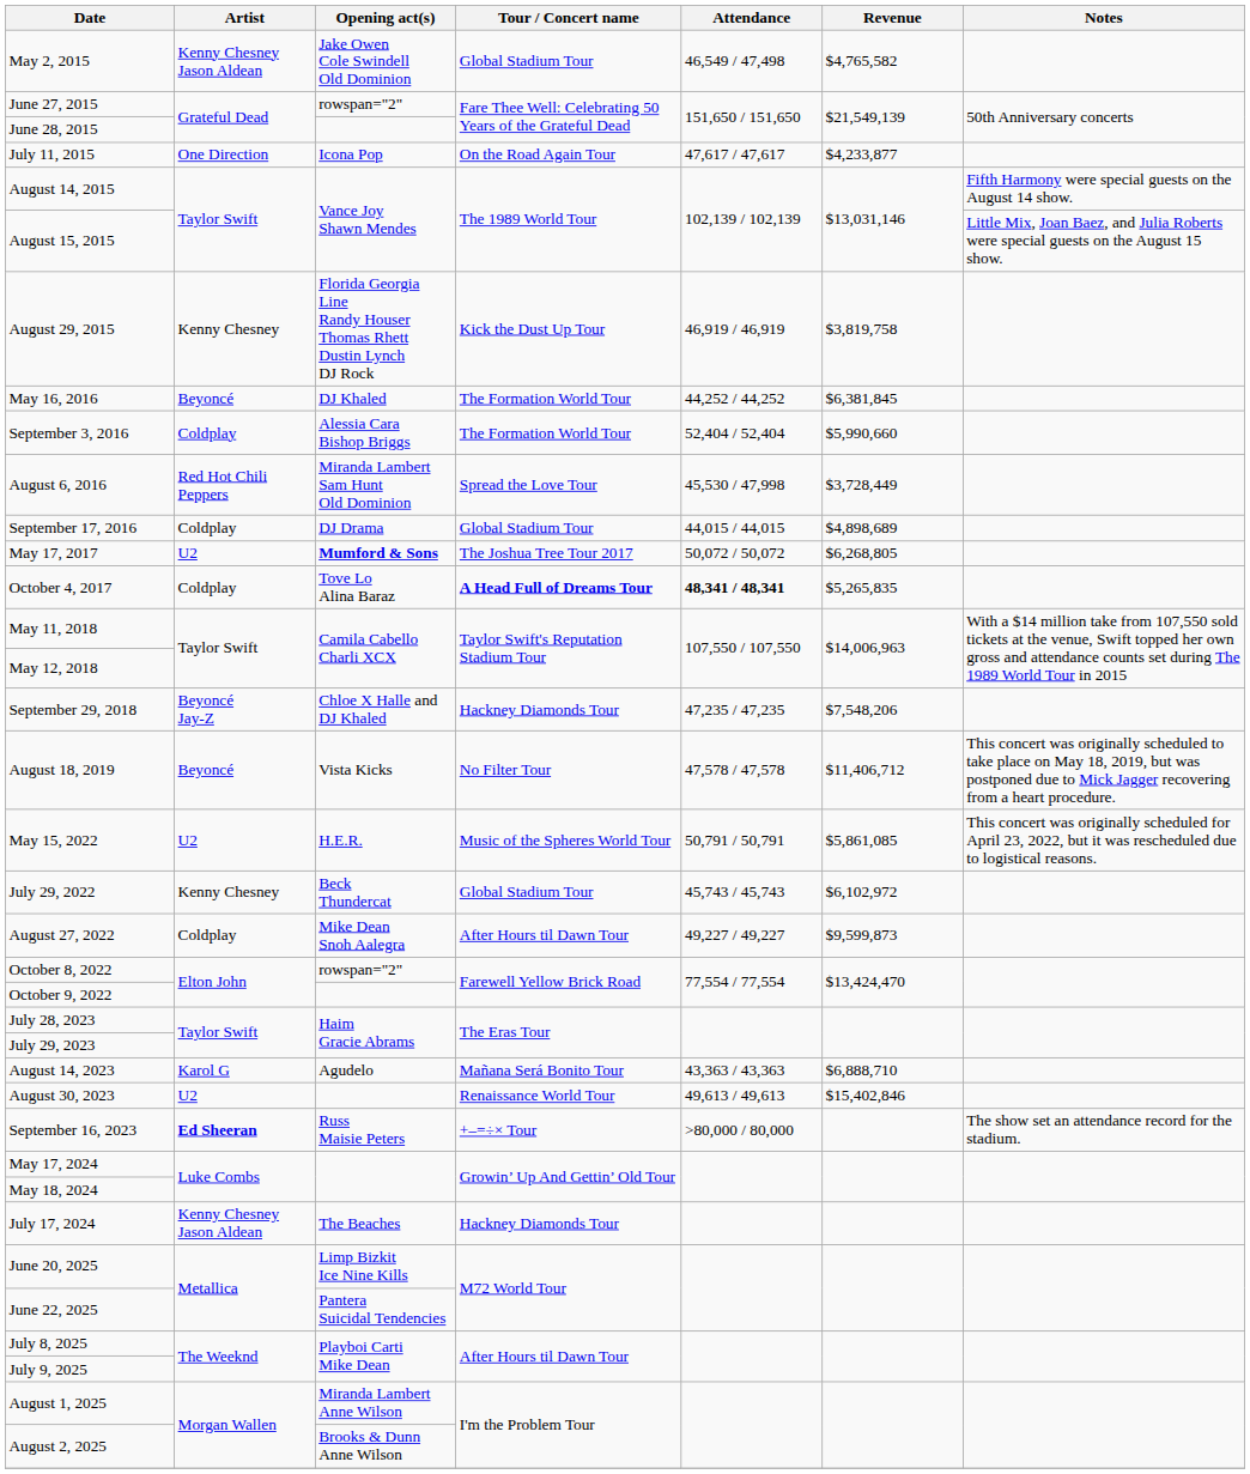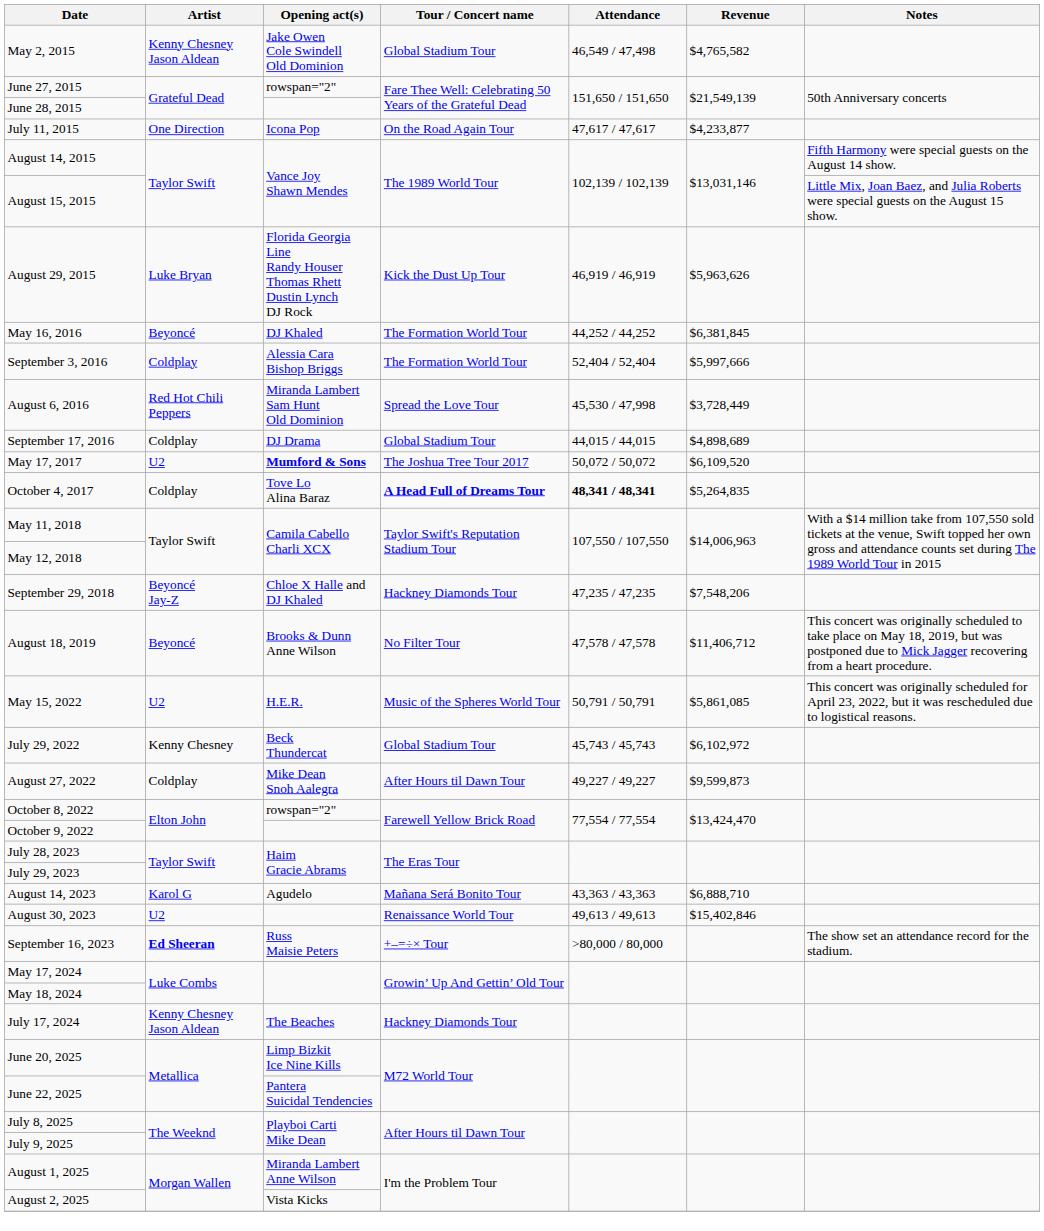 <table class="wikitable" style=font-size:100% style="text-align:center">
 <tr>
 <th width=12% style="text-align:center;">Date</th>
 <th width=10% style="text-align:center;">Artist</th>
 <th width=10% style="text-align:center;">Opening act(s)</th>
 <th width=16% style="text-align:center;">Tour / Concert name</th>
 <th width=10% style="text-align:center;">Attendance</th>
 <th width=10% style="text-align:center;">Revenue</th>
 <th width=20% style="text-align:center;">Notes</th>
 </tr>
 <tr>
 <td>May 2, 2015</td>
 <td><a href='#'>Kenny Chesney</a><br><a href='#'>Jason Aldean</a></td>
 <td><a href='#'>Jake Owen</a><br><a href='#'>Cole Swindell</a><br><a href='#'>Old Dominion</a></td>
 <td><a href='#'>Global Stadium Tour</a></td>
 <td>46,549 / 47,498</td>
 <td>$4,765,582</td>
 <td></td>
 </tr>
 <tr>
 <td>June 27, 2015</td>
 <td rowspan="2"><a href='#'>Grateful Dead</a></td>
 <td>rowspan="2" </td>
 <td rowspan="2"><a href='#'>Fare Thee Well: Celebrating 50 Years of the Grateful Dead</a></td>
 <td rowspan="2">151,650 / 151,650</td>
 <td rowspan="2">$21,549,139</td>
 <td rowspan="2">50th Anniversary concerts</td>
 </tr>
 <tr>
 <td>June 28, 2015</td>
 </tr>
 <tr>
 <td>July 11, 2015</td>
 <td><a href='#'>One Direction</a></td>
 <td><a href='#'>Icona Pop</a></td>
 <td><a href='#'>On the Road Again Tour</a></td>
 <td>47,617 / 47,617</td>
 <td>$4,233,877</td>
 <td></td>
 </tr>
 <tr>
 <td>August 14, 2015</td>
 <td rowspan="2"><a href='#'>Taylor Swift</a></td>
 <td rowspan="2"><a href='#'>Vance Joy</a><br><a href='#'>Shawn Mendes</a></td>
 <td rowspan="2"><a href='#'>The 1989 World Tour</a></td>
 <td rowspan="2">102,139 / 102,139</td>
 <td rowspan="2">$13,031,146</td>
 <td><a href='#'>Fifth Harmony</a> were special guests on the August 14 show.</td>
 </tr>
 <tr>
 <td>August 15, 2015</td>
 <td><a href='#'>Little Mix</a>, <a href='#'>Joan Baez</a>, and <a href='#'>Julia Roberts</a> were special guests on the August 15 show.</td>
 </tr>
 <tr>
 <td>August 29, 2015</td>
-<td>Kenny Chesney</td>
+<td><a href='#'>Luke Bryan</a></td>
 <td><a href='#'>Florida Georgia Line</a><br><a href='#'>Randy Houser</a><br><a href='#'>Thomas Rhett</a><br><a href='#'>Dustin Lynch</a><br>DJ Rock</td>
 <td><a href='#'>Kick the Dust Up Tour</a></td>
 <td>46,919 / 46,919</td>
-<td>$3,819,758</td>
+<td>$5,963,626</td>
 <td></td>
 </tr>
 <tr>
 <td>May 16, 2016</td>
 <td><a href='#'>Beyoncé</a></td>
 <td><a href='#'>DJ Khaled</a></td>
 <td><a href='#'>The Formation World Tour</a></td>
 <td>44,252 / 44,252</td>
 <td>$6,381,845</td>
 <td></td>
 </tr>
 <tr>
 <td>September 3, 2016</td>
 <td><a href='#'>Coldplay</a></td>
 <td><a href='#'>Alessia Cara</a><br><a href='#'>Bishop Briggs</a></td>
 <td><a href='#'>The Formation World Tour</a></td>
 <td>52,404 / 52,404</td>
-<td>$5,990,660</td>
+<td>$5,997,666</td>
 <td></td>
 </tr>
 <tr>
 <td>August 6, 2016</td>
 <td><a href='#'>Red Hot Chili Peppers</a></td>
 <td><a href='#'>Miranda Lambert</a><br><a href='#'>Sam Hunt</a><br><a href='#'>Old Dominion</a></td>
 <td><a href='#'>Spread the Love Tour</a></td>
 <td>45,530 / 47,998</td>
 <td>$3,728,449</td>
 <td></td>
 </tr>
 <tr>
 <td>September 17, 2016</td>
 <td>Coldplay</td>
 <td><a href='#'>DJ Drama</a></td>
 <td><a href='#'>Global Stadium Tour</a></td>
 <td>44,015 / 44,015</td>
 <td>$4,898,689</td>
 <td></td>
 </tr>
 <tr>
 <td>May 17, 2017</td>
 <td><a href='#'>U2</a></td>
 <td><strong><a href='#'>Mumford & Sons</a></strong></td>
 <td><a href='#'>The Joshua Tree Tour 2017</a></td>
 <td>50,072 / 50,072</td>
-<td>$6,268,805</td>
+<td>$6,109,520</td>
 <td></td>
 </tr>
 <tr>
 <td>October 4, 2017</td>
 <td>Coldplay</td>
 <td><a href='#'>Tove Lo</a><br>Alina Baraz</td>
 <td><strong><a href='#'>A Head Full of Dreams Tour</a></strong></td>
 <td><strong>48,341 / 48,341</strong></td>
-<td>$5,265,835</td>
+<td>$5,264,835</td>
 <td></td>
 </tr>
 <tr>
 <td>May 11, 2018</td>
 <td rowspan="2">Taylor Swift</td>
 <td rowspan="2"><a href='#'>Camila Cabello</a><br><a href='#'>Charli XCX</a></td>
 <td rowspan="2"><a href='#'>Taylor Swift's Reputation Stadium Tour</a></td>
 <td rowspan="2">107,550 / 107,550</td>
 <td rowspan="2">$14,006,963</td>
 <td rowspan="2">With a $14 million take from 107,550 sold tickets at the venue, Swift topped her own gross and attendance counts set during <a href='#'>The 1989 World Tour</a> in 2015</td>
 </tr>
 <tr>
 <td>May 12, 2018</td>
 </tr>
 <tr>
 <td>September 29, 2018</td>
 <td><a href='#'>Beyoncé</a><br><a href='#'>Jay-Z</a></td>
 <td><a href='#'>Chloe X Halle</a> and <a href='#'>DJ Khaled</a></td>
 <td><a href='#'>Hackney Diamonds Tour</a></td>
 <td>47,235 / 47,235</td>
 <td>$7,548,206</td>
 <td></td>
 </tr>
 <tr>
 <td>August 18, 2019</td>
 <td><a href='#'>Beyoncé</a></td>
-<td>Vista Kicks</td>
+<td><a href='#'>Brooks & Dunn</a><br>Anne Wilson</td>
 <td><a href='#'>No Filter Tour</a></td>
 <td>47,578 / 47,578</td>
 <td>$11,406,712</td>
 <td>This concert was originally scheduled to take place on May 18, 2019, but was postponed due to <a href='#'>Mick Jagger</a> recovering from a heart procedure.</td>
 </tr>
 <tr>
 <td>May 15, 2022</td>
 <td><a href='#'>U2</a></td>
 <td><a href='#'>H.E.R.</a></td>
 <td><a href='#'>Music of the Spheres World Tour</a></td>
 <td>50,791 / 50,791</td>
 <td>$5,861,085</td>
 <td>This concert was originally scheduled for April 23, 2022, but it was rescheduled due to logistical reasons.</td>
 </tr>
 <tr>
 <td>July 29, 2022</td>
 <td>Kenny Chesney</td>
 <td><a href='#'>Beck</a> <br> <a href='#'>Thundercat</a></td>
 <td><a href='#'>Global Stadium Tour</a></td>
 <td>45,743 / 45,743</td>
 <td>$6,102,972</td>
 <td></td>
 </tr>
 <tr>
 <td>August 27, 2022</td>
 <td>Coldplay</td>
 <td><a href='#'>Mike Dean</a><br><a href='#'>Snoh Aalegra</a></td>
 <td><a href='#'>After Hours til Dawn Tour</a></td>
 <td>49,227 / 49,227</td>
 <td>$9,599,873</td>
 <td></td>
 </tr>
 <tr>
 <td>October 8, 2022</td>
 <td rowspan="2"><a href='#'>Elton John</a></td>
 <td>rowspan="2" </td>
 <td rowspan="2"><a href='#'>Farewell Yellow Brick Road</a></td>
 <td rowspan="2">77,554 / 77,554</td>
 <td rowspan="2">$13,424,470</td>
 <td rowspan="2"></td>
 </tr>
 <tr>
 <td>October 9, 2022</td>
 </tr>
 <tr>
 <td>July 28, 2023</td>
 <td rowspan="2"><a href='#'>Taylor Swift</a></td>
 <td rowspan="2"><a href='#'>Haim</a><br><a href='#'>Gracie Abrams</a></td>
 <td rowspan="2"><a href='#'>The Eras Tour</a></td>
 <td rowspan="2"></td>
 <td rowspan="2"></td>
 <td rowspan="2"></td>
 </tr>
 <tr>
 <td>July 29, 2023</td>
 </tr>
 <tr>
 <td>August 14, 2023</td>
 <td><a href='#'>Karol G</a></td>
 <td>Agudelo</td>
 <td><a href='#'>Mañana Será Bonito Tour</a></td>
 <td>43,363 / 43,363</td>
 <td>$6,888,710</td>
 <td></td>
 </tr>
 <tr>
 <td>August 30, 2023</td>
 <td><a href='#'>U2</a></td>
 <td></td>
 <td><a href='#'>Renaissance World Tour</a></td>
 <td>49,613 / 49,613</td>
 <td>$15,402,846</td>
 <td></td>
 </tr>
 <tr>
 <td>September 16, 2023</td>
 <td><strong><a href='#'>Ed Sheeran</a></strong></td>
 <td><a href='#'>Russ</a><br><a href='#'>Maisie Peters</a></td>
 <td><a href='#'>+–=÷× Tour</a></td>
 <td>>80,000 / 80,000</td>
 <td></td>
 <td>The show set an attendance record for the stadium.</td>
 </tr>
 <tr>
 <td>May 17, 2024</td>
 <td rowspan="2"><a href='#'>Luke Combs</a></td>
 <td rowspan="2"></td>
 <td rowspan="2"><a href='#'>Growin’ Up And Gettin’ Old Tour</a></td>
 <td rowspan="2"></td>
 <td rowspan="2"></td>
 <td rowspan="2"></td>
 </tr>
 <tr>
 <td>May 18, 2024</td>
 </tr>
 <tr>
 <td>July 17, 2024</td>
 <td><a href='#'>Kenny Chesney</a><br><a href='#'>Jason Aldean</a></td>
 <td><a href='#'>The Beaches</a></td>
 <td><a href='#'>Hackney Diamonds Tour</a></td>
 <td></td>
 <td></td>
 <td></td>
 </tr>
 <tr>
 <td>June 20, 2025</td>
 <td rowspan="2"><a href='#'>Metallica</a></td>
 <td><a href='#'>Limp Bizkit</a><br><a href='#'>Ice Nine Kills</a></td>
 <td rowspan="2"><a href='#'>M72 World Tour</a></td>
 <td rowspan="2"></td>
 <td rowspan="2"></td>
 <td rowspan="2"></td>
 </tr>
 <tr>
 <td>June 22, 2025</td>
 <td><a href='#'>Pantera</a><br><a href='#'>Suicidal Tendencies</a></td>
 </tr>
 <tr>
 <td>July 8, 2025</td>
 <td rowspan=2><a href='#'>The Weeknd</a></td>
 <td rowspan=2><a href='#'>Playboi Carti</a><br><a href='#'>Mike Dean</a></td>
 <td rowspan=2><a href='#'>After Hours til Dawn Tour</a></td>
 <td rowspan=2></td>
 <td rowspan=2></td>
 <td rowspan=2></td>
 </tr>
 <tr>
 <td>July 9, 2025</td>
 </tr>
 <tr>
 <td>August 1, 2025</td>
 <td rowspan="2"><a href='#'>Morgan Wallen</a></td>
 <td><a href='#'>Miranda Lambert</a><br><a href='#'>Anne Wilson</a></td>
 <td rowspan="2">I'm the Problem Tour</td>
 <td rowspan="2"></td>
 <td rowspan="2"></td>
 <td rowspan="2"></td>
 </tr>
 <tr>
 <td>August 2, 2025</td>
-<td><a href='#'>Brooks & Dunn</a><br>Anne Wilson</td>
+<td>Vista Kicks</td>
 </tr>
 <tr>
 </tr>
 </table>
